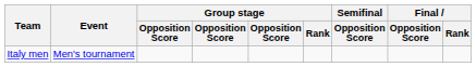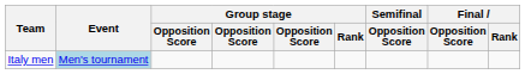 <table class="wikitable" style="font-size:90%">
 <tr>
 <th rowspan="2">Team</th>
 <th rowspan="2">Event</th>
 <th colspan="4">Group stage</th>
 <th>Semifinal</th>
 <th colspan="2">Final / </th>
 </tr>
 <tr style="font-size:95%">
 <th>Opposition<br>Score</th>
 <th>Opposition<br>Score</th>
 <th>Opposition<br>Score</th>
 <th>Rank</th>
 <th>Opposition<br>Score</th>
 <th>Opposition<br>Score</th>
 <th>Rank</th>
 </tr>
 <tr align="center">
 <td align="left"><a href='#'>Italy men</a></td>
-<td align="left"><a href='#'>Men's tournament</a></td>
+<td align="left" style="background: lightblue;"><a href='#'>Men's tournament</a></td>
 <td></td>
 <td></td>
 <td></td>
 <td></td>
 <td></td>
 <td></td>
 <td></td>
 </tr>
 </table>
